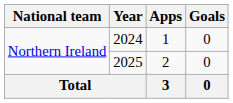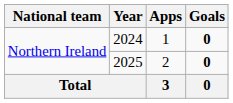 <table class=wikitable style=text-align:center>
 <tr>
 <th>National team</th>
 <th>Year</th>
 <th>Apps</th>
 <th>Goals</th>
 </tr>
 <tr>
 <td rowspan=2><a href='#'>Northern Ireland</a></td>
 <td>2024</td>
 <td>1</td>
-<td>0</td>
+<td><strong>0</strong></td>
 </tr>
 <tr>
 <td>2025</td>
 <td>2</td>
-<td>0</td>
+<td><strong>0</strong></td>
 </tr>
 <tr>
 <th colspan="2">Total</th>
 <th>3</th>
 <th>0</th>
 </tr>
 </table>
